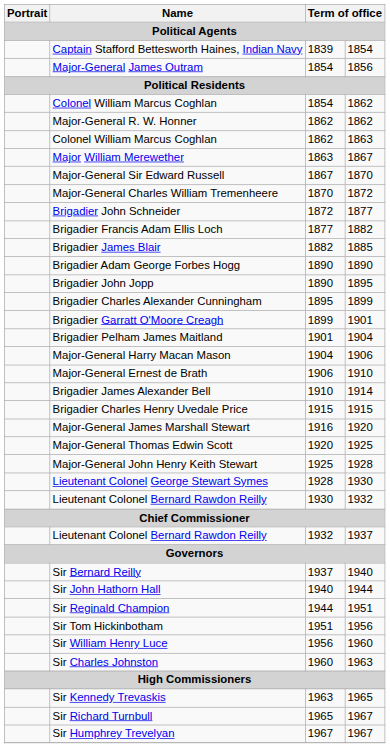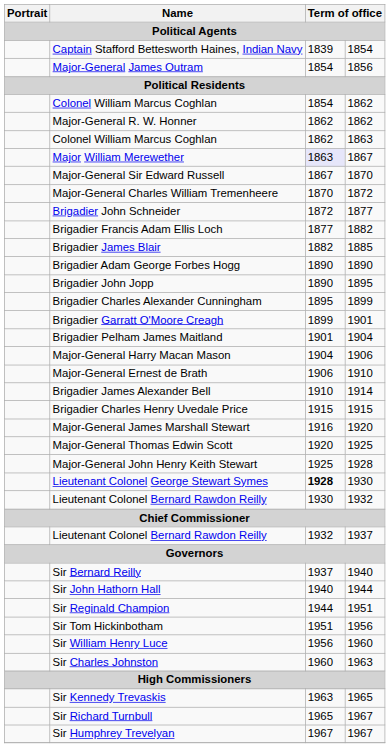 <table class="wikitable">
 <tr>
 <th>Portrait</th>
 <th>Name</th>
 <th colspan=2>Term of office</th>
 </tr>
 <tr>
 <td colspan=5 bgcolor="lightgrey" align=center><strong>Political Agents</strong></td>
 </tr>
 <tr>
 <td></td>
 <td><a href='#'>Captain</a> Stafford Bettesworth Haines, <a href='#'>Indian Navy</a></td>
 <td>1839</td>
 <td>1854</td>
 </tr>
 <tr>
 <td></td>
 <td><a href='#'>Major-General</a> <a href='#'>James Outram</a></td>
 <td>1854</td>
 <td>1856</td>
 </tr>
 <tr>
 <td colspan=5 bgcolor="lightgrey" align=center><strong>Political Residents</strong></td>
 </tr>
 <tr>
 <td></td>
 <td><a href='#'>Colonel</a> William Marcus Coghlan</td>
 <td>1854</td>
 <td>1862</td>
 </tr>
 <tr>
 <td></td>
 <td>Major-General R. W. Honner</td>
 <td>1862</td>
 <td>1862</td>
 </tr>
 <tr>
 <td></td>
 <td>Colonel William Marcus Coghlan</td>
 <td>1862</td>
 <td>1863</td>
 </tr>
 <tr>
 <td></td>
 <td><a href='#'>Major</a> <a href='#'>William Merewether</a></td>
-<td>1863</td>
+<td style="background: lavender;">1863</td>
 <td>1867</td>
 </tr>
 <tr>
 <td></td>
 <td>Major-General Sir Edward Russell</td>
 <td>1867</td>
 <td>1870</td>
 </tr>
 <tr>
 <td></td>
 <td>Major-General Charles William Tremenheere</td>
 <td>1870</td>
 <td>1872</td>
 </tr>
 <tr>
 <td></td>
 <td><a href='#'>Brigadier</a> John Schneider</td>
 <td>1872</td>
 <td>1877</td>
 </tr>
 <tr>
 <td></td>
 <td>Brigadier Francis Adam Ellis Loch</td>
 <td>1877</td>
 <td>1882</td>
 </tr>
 <tr>
 <td></td>
 <td>Brigadier <a href='#'>James Blair</a></td>
 <td>1882</td>
 <td>1885</td>
 </tr>
 <tr>
 <td></td>
 <td>Brigadier Adam George Forbes Hogg</td>
 <td>1890</td>
 <td>1890</td>
 </tr>
 <tr>
 <td></td>
 <td>Brigadier John Jopp</td>
 <td>1890</td>
 <td>1895</td>
 </tr>
 <tr>
 <td></td>
 <td>Brigadier Charles Alexander Cunningham</td>
 <td>1895</td>
 <td>1899</td>
 </tr>
 <tr>
 <td></td>
 <td>Brigadier <a href='#'>Garratt O'Moore Creagh</a></td>
 <td>1899</td>
 <td>1901</td>
 </tr>
 <tr>
 <td></td>
 <td>Brigadier Pelham James Maitland</td>
 <td>1901</td>
 <td>1904</td>
 </tr>
 <tr>
 <td></td>
 <td>Major-General Harry Macan Mason</td>
 <td>1904</td>
 <td>1906</td>
 </tr>
 <tr>
 <td></td>
 <td>Major-General Ernest de Brath</td>
 <td>1906</td>
 <td>1910</td>
 </tr>
 <tr>
 <td></td>
 <td>Brigadier James Alexander Bell</td>
 <td>1910</td>
 <td>1914</td>
 </tr>
 <tr>
 <td></td>
 <td>Brigadier Charles Henry Uvedale Price</td>
 <td>1915</td>
 <td>1915</td>
 </tr>
 <tr>
 <td></td>
 <td>Major-General James Marshall Stewart</td>
 <td>1916</td>
 <td>1920</td>
 </tr>
 <tr>
 <td></td>
 <td>Major-General Thomas Edwin Scott</td>
 <td>1920</td>
 <td>1925</td>
 </tr>
 <tr>
 <td></td>
 <td>Major-General John Henry Keith Stewart</td>
 <td>1925</td>
 <td>1928</td>
 </tr>
 <tr>
 <td></td>
 <td><a href='#'>Lieutenant Colonel</a> <a href='#'>George Stewart Symes</a></td>
-<td>1928</td>
+<td><strong>1928</strong></td>
 <td>1930</td>
 </tr>
 <tr>
 <td></td>
 <td>Lieutenant Colonel <a href='#'>Bernard Rawdon Reilly</a></td>
 <td>1930</td>
 <td>1932</td>
 </tr>
 <tr>
 <td colspan=5 bgcolor="lightgrey" align=center><strong>Chief Commissioner</strong></td>
 </tr>
 <tr>
 <td></td>
 <td>Lieutenant Colonel <a href='#'>Bernard Rawdon Reilly</a></td>
 <td>1932</td>
 <td>1937</td>
 </tr>
 <tr>
 <td colspan=5 bgcolor="lightgrey" align=center><strong>Governors</strong></td>
 </tr>
 <tr>
 <td></td>
 <td>Sir <a href='#'>Bernard Reilly</a></td>
 <td>1937</td>
 <td>1940</td>
 </tr>
 <tr>
 <td></td>
 <td>Sir <a href='#'>John Hathorn Hall</a></td>
 <td>1940</td>
 <td>1944</td>
 </tr>
 <tr>
 <td></td>
 <td>Sir <a href='#'>Reginald Champion</a></td>
 <td>1944</td>
 <td>1951</td>
 </tr>
 <tr>
 <td></td>
 <td>Sir Tom Hickinbotham</td>
 <td>1951</td>
 <td>1956</td>
 </tr>
 <tr>
 <td></td>
 <td>Sir <a href='#'>William Henry Luce</a></td>
 <td>1956</td>
 <td>1960</td>
 </tr>
 <tr>
 <td></td>
 <td>Sir <a href='#'>Charles Johnston</a></td>
 <td>1960</td>
 <td>1963</td>
 </tr>
 <tr>
 <td colspan=5 bgcolor="lightgrey" align=center><strong>High Commissioners</strong></td>
 </tr>
 <tr>
 <td></td>
 <td>Sir <a href='#'>Kennedy Trevaskis</a></td>
 <td>1963</td>
 <td>1965</td>
 </tr>
 <tr>
 <td></td>
 <td>Sir <a href='#'>Richard Turnbull</a></td>
 <td>1965</td>
 <td>1967</td>
 </tr>
 <tr>
 <td></td>
 <td>Sir <a href='#'>Humphrey Trevelyan</a></td>
 <td>1967</td>
 <td>1967</td>
 </tr>
 <tr>
 </tr>
 </table>
